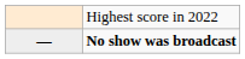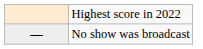 <table class="wikitable">
 <tr>
 <th width="75px" style="background:#FFEBD2; text-align:center" scope="row"></th>
 <td>Highest score in 2022</td>
 </tr>
 <tr>
 <th width="75px" style="background:#eee; text-align:center" scope="row">—</th>
-<td><strong>No show was broadcast</strong></td>
+<td>No show was broadcast</td>
 </tr>
 </table>
